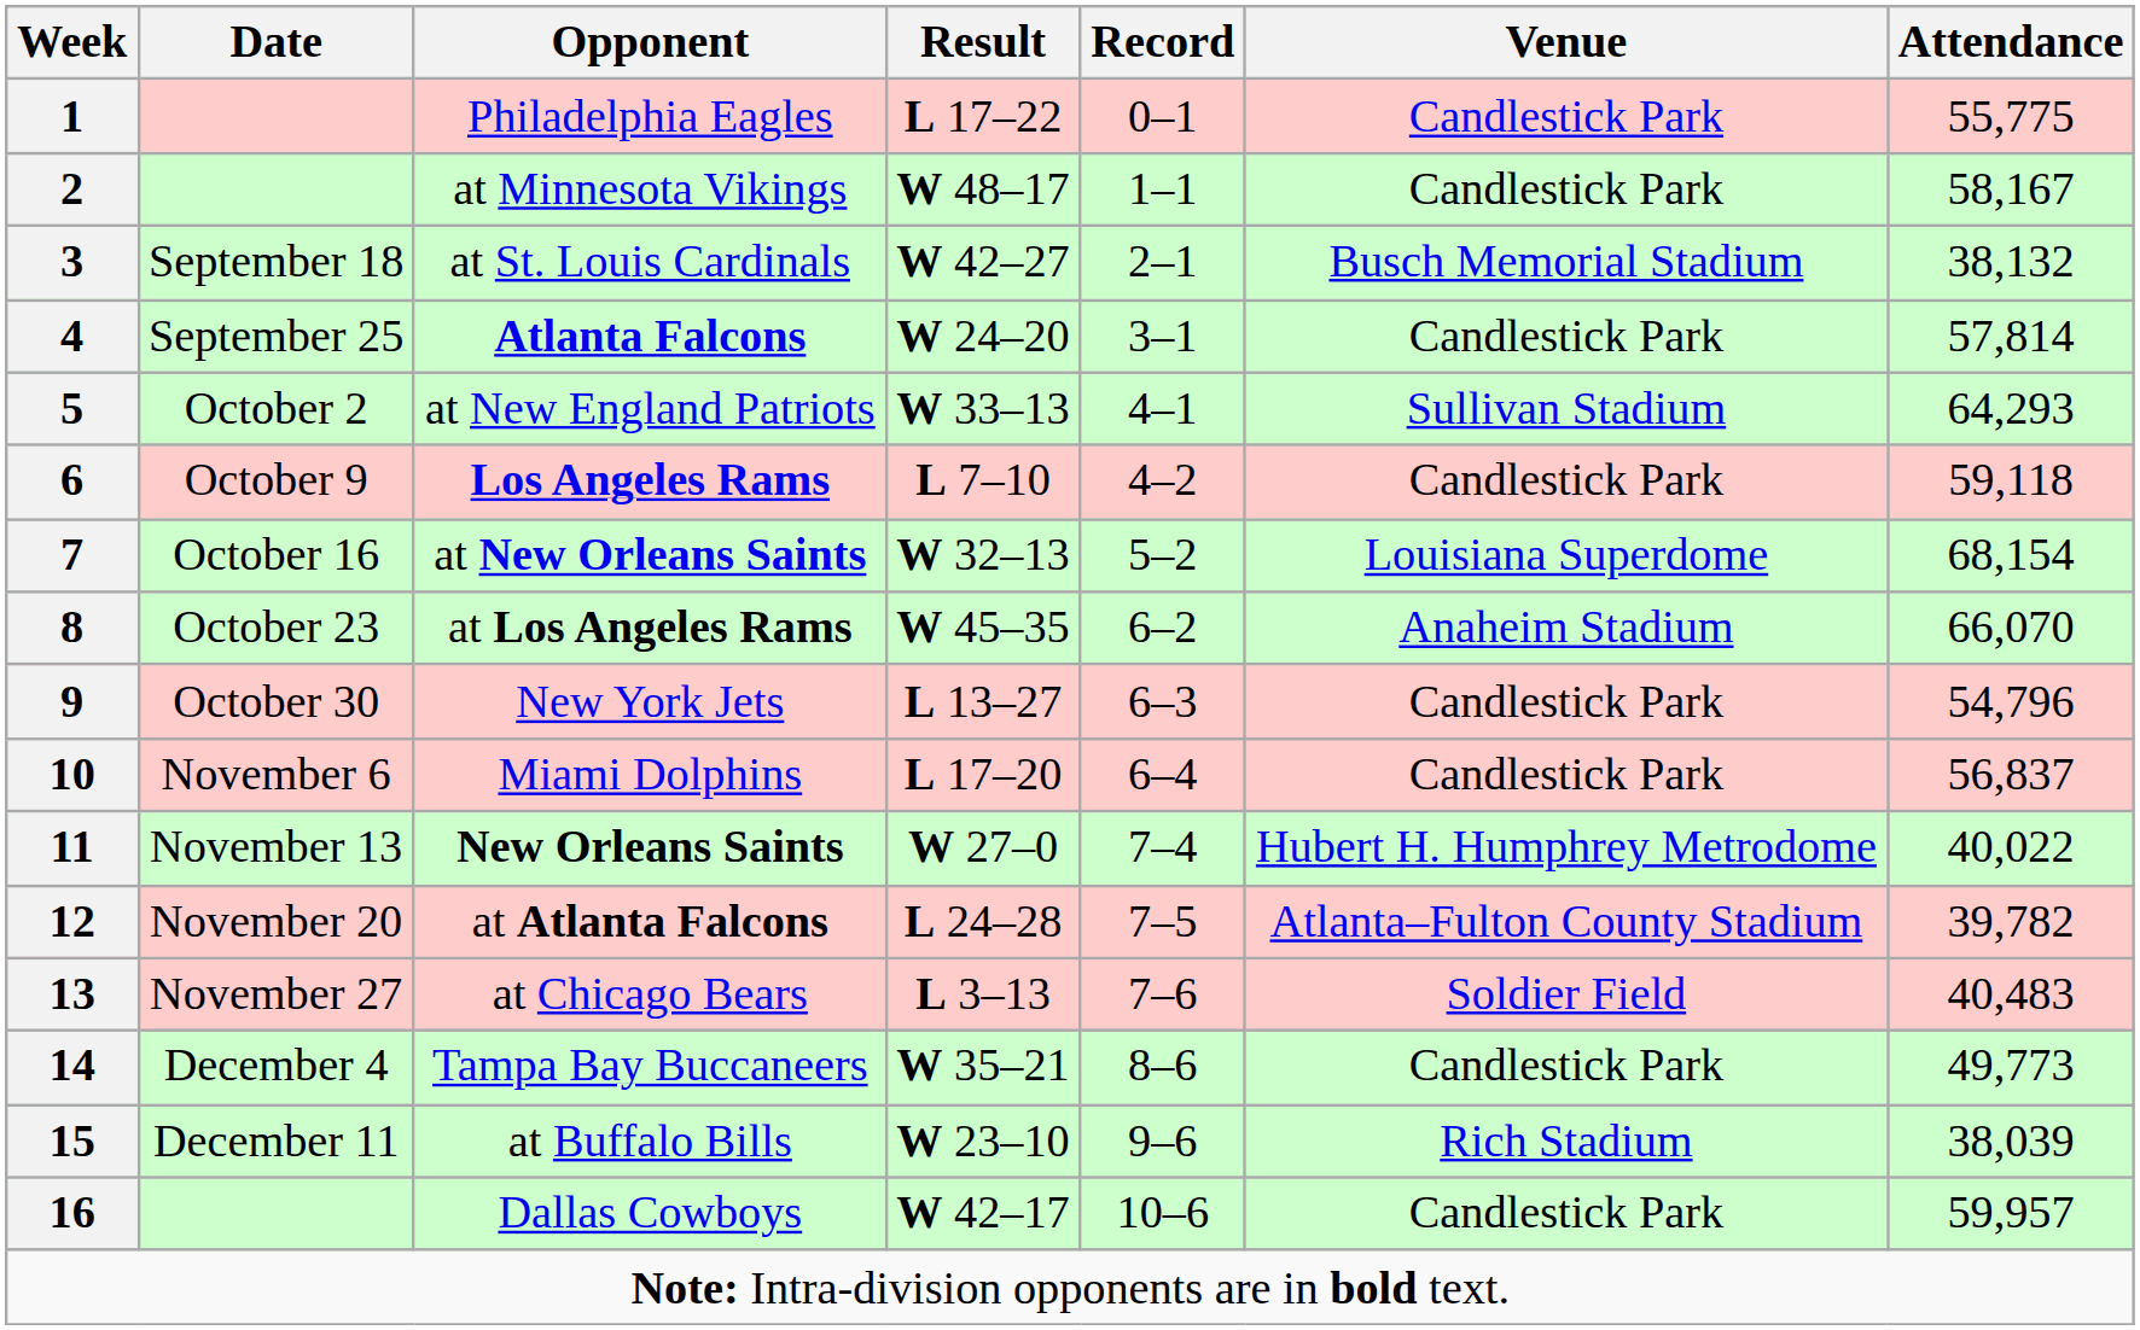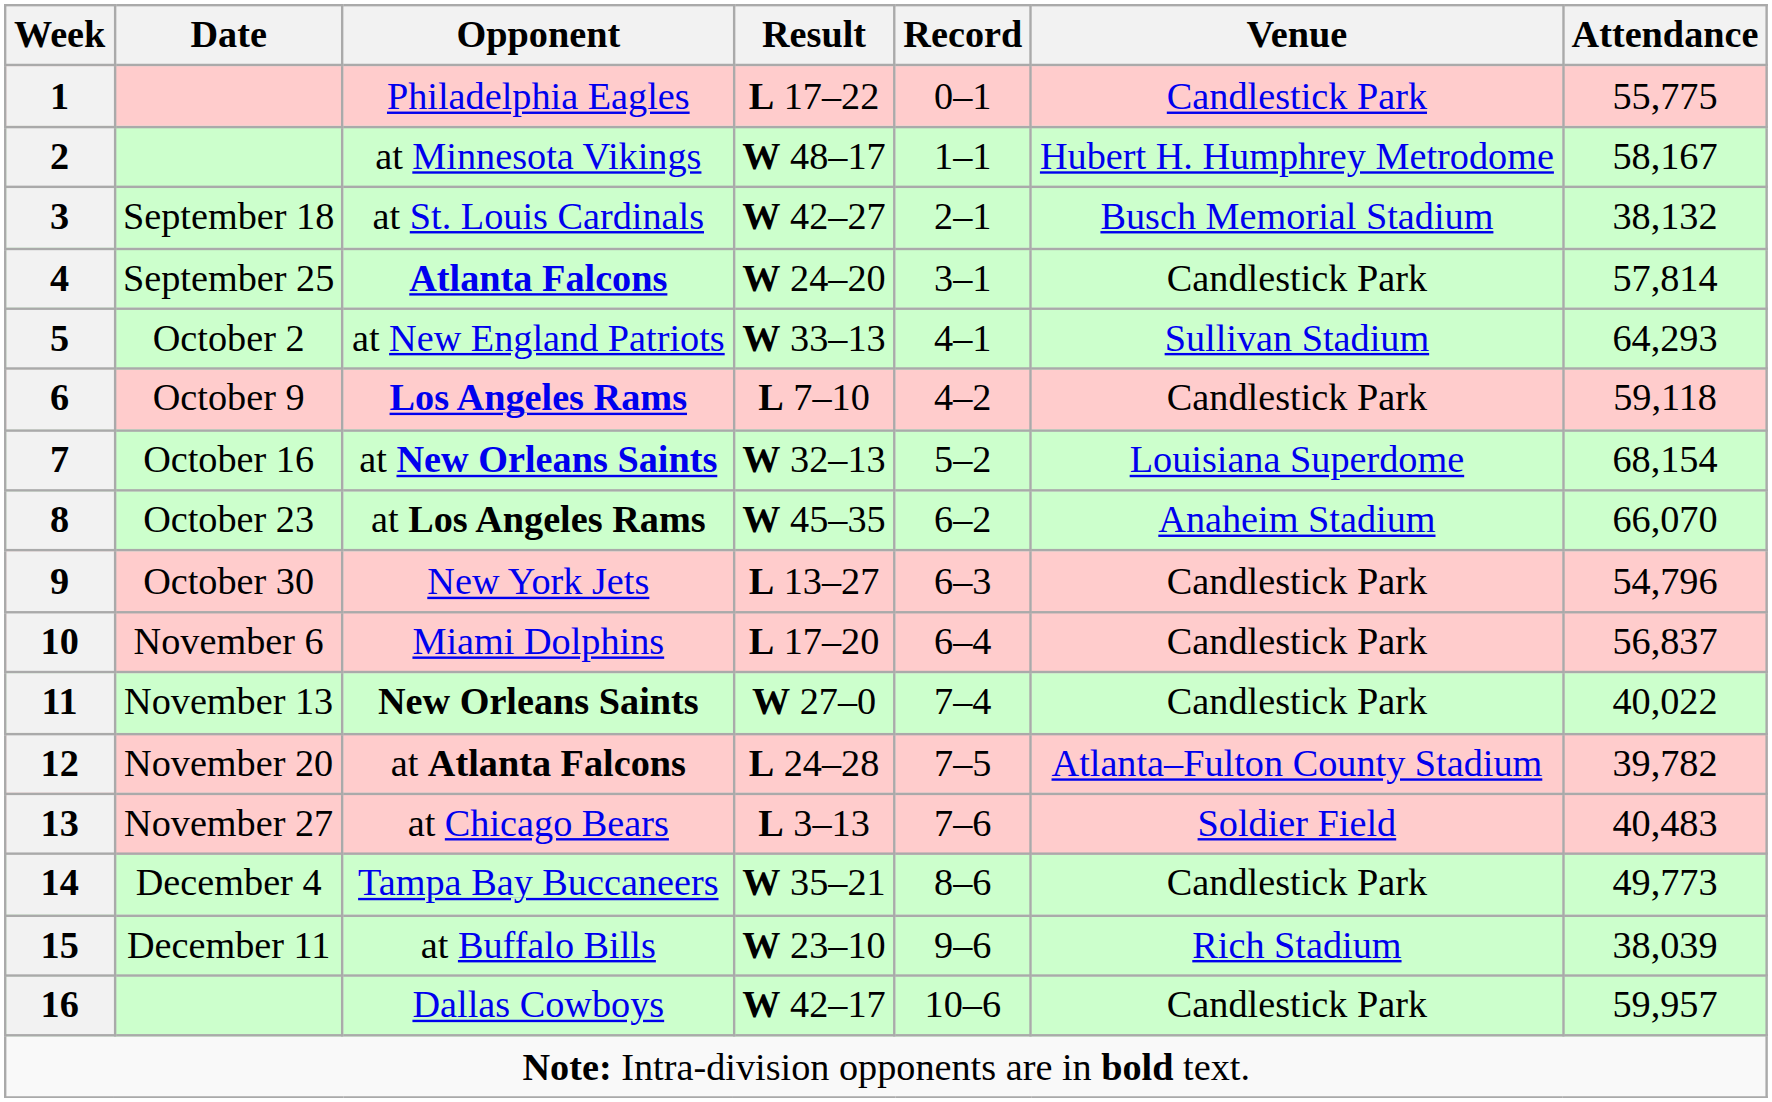 <table class="wikitable" style="text-align:center">
 <tr>
 <th>Week</th>
 <th>Date</th>
 <th>Opponent</th>
 <th>Result</th>
 <th>Record</th>
 <th>Venue</th>
 <th>Attendance</th>
 </tr>
 <tr style="background:#fcc">
 <th>1</th>
 <td></td>
 <td><a href='#'>Philadelphia Eagles</a></td>
 <td><strong>L</strong> 17–22</td>
 <td>0–1</td>
 <td><a href='#'>Candlestick Park</a></td>
 <td>55,775</td>
 </tr>
 <tr style="background:#cfc">
 <th>2</th>
 <td></td>
 <td>at <a href='#'>Minnesota Vikings</a></td>
 <td><strong>W</strong> 48–17</td>
 <td>1–1</td>
-<td>Candlestick Park</td>
+<td><a href='#'>Hubert H. Humphrey Metrodome</a></td>
 <td>58,167</td>
 </tr>
 <tr style="background:#cfc">
 <th>3</th>
 <td>September 18</td>
 <td>at <a href='#'>St. Louis Cardinals</a></td>
 <td><strong>W</strong> 42–27</td>
 <td>2–1</td>
 <td><a href='#'>Busch Memorial Stadium</a></td>
 <td>38,132</td>
 </tr>
 <tr style="background:#cfc">
 <th>4</th>
 <td>September 25</td>
 <td><strong><a href='#'>Atlanta Falcons</a></strong></td>
 <td><strong>W</strong> 24–20</td>
 <td>3–1</td>
 <td>Candlestick Park</td>
 <td>57,814</td>
 </tr>
 <tr style="background:#cfc">
 <th>5</th>
 <td>October 2</td>
 <td>at <a href='#'>New England Patriots</a></td>
 <td><strong>W</strong> 33–13</td>
 <td>4–1</td>
 <td><a href='#'>Sullivan Stadium</a></td>
 <td>64,293</td>
 </tr>
 <tr style="background:#fcc">
 <th>6</th>
 <td>October 9</td>
 <td><strong><a href='#'>Los Angeles Rams</a></strong></td>
 <td><strong>L</strong> 7–10</td>
 <td>4–2</td>
 <td>Candlestick Park</td>
 <td>59,118</td>
 </tr>
 <tr style="background:#cfc">
 <th>7</th>
 <td>October 16</td>
 <td>at <strong><a href='#'>New Orleans Saints</a></strong></td>
 <td><strong>W</strong> 32–13</td>
 <td>5–2</td>
 <td><a href='#'>Louisiana Superdome</a></td>
 <td>68,154</td>
 </tr>
 <tr style="background:#cfc">
 <th>8</th>
 <td>October 23</td>
 <td>at <strong>Los Angeles Rams</strong></td>
 <td><strong>W</strong> 45–35</td>
 <td>6–2</td>
 <td><a href='#'>Anaheim Stadium</a></td>
 <td>66,070</td>
 </tr>
 <tr style="background:#fcc">
 <th>9</th>
 <td>October 30</td>
 <td><a href='#'>New York Jets</a></td>
 <td><strong>L</strong> 13–27</td>
 <td>6–3</td>
 <td>Candlestick Park</td>
 <td>54,796</td>
 </tr>
 <tr style="background:#fcc">
 <th>10</th>
 <td>November 6</td>
 <td><a href='#'>Miami Dolphins</a></td>
 <td><strong>L</strong> 17–20</td>
 <td>6–4</td>
 <td>Candlestick Park</td>
 <td>56,837</td>
 </tr>
 <tr style="background:#cfc">
 <th>11</th>
 <td>November 13</td>
 <td><strong>New Orleans Saints</strong></td>
 <td><strong>W</strong> 27–0</td>
 <td>7–4</td>
-<td><a href='#'>Hubert H. Humphrey Metrodome</a></td>
+<td>Candlestick Park</td>
 <td>40,022</td>
 </tr>
 <tr style="background:#fcc">
 <th>12</th>
 <td>November 20</td>
 <td>at <strong>Atlanta Falcons</strong></td>
 <td><strong>L</strong> 24–28</td>
 <td>7–5</td>
 <td><a href='#'>Atlanta–Fulton County Stadium</a></td>
 <td>39,782</td>
 </tr>
 <tr style="background:#fcc">
 <th>13</th>
 <td>November 27</td>
 <td>at <a href='#'>Chicago Bears</a></td>
 <td><strong>L</strong> 3–13</td>
 <td>7–6</td>
 <td><a href='#'>Soldier Field</a></td>
 <td>40,483</td>
 </tr>
 <tr style="background:#cfc">
 <th>14</th>
 <td>December 4</td>
 <td><a href='#'>Tampa Bay Buccaneers</a></td>
 <td><strong>W</strong> 35–21</td>
 <td>8–6</td>
 <td>Candlestick Park</td>
 <td>49,773</td>
 </tr>
 <tr style="background:#cfc">
 <th>15</th>
 <td>December 11</td>
 <td>at <a href='#'>Buffalo Bills</a></td>
 <td><strong>W</strong> 23–10</td>
 <td>9–6</td>
 <td><a href='#'>Rich Stadium</a></td>
 <td>38,039</td>
 </tr>
 <tr style="background:#cfc">
 <th>16</th>
 <td></td>
 <td><a href='#'>Dallas Cowboys</a></td>
 <td><strong>W</strong> 42–17</td>
 <td>10–6</td>
 <td>Candlestick Park</td>
 <td>59,957</td>
 </tr>
 <tr>
 <td colspan="8"><strong>Note:</strong> Intra-division opponents are in <strong>bold</strong> text.</td>
 </tr>
 </table>
